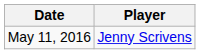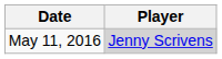 <table class="wikitable sortable" style="border:1px solid #999999;">
 <tr>
 <th>Date</th>
 <th>Player</th>
 </tr>
 <tr>
 <td>May 11, 2016</td>
-<td><a href='#'>Jenny Scrivens</a></td>
+<td style="background: lightgrey;"><a href='#'>Jenny Scrivens</a></td>
 </tr>
 </table>
